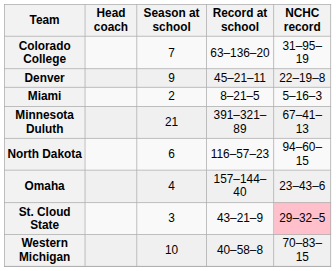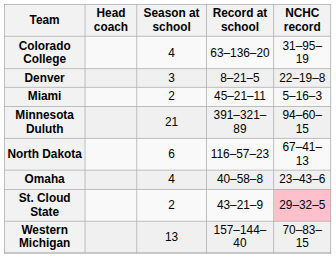 <table class="wikitable sortable" style="text-align: center; "width=50%">
 <tr>
 <th>Team</th>
 <th>Head coach</th>
 <th>Season at school</th>
 <th>Record at school</th>
 <th>NCHC record</th>
 </tr>
 <tr>
 <th>Colorado College</th>
 <td></td>
-<td>7</td>
+<td>4</td>
 <td>63–136–20</td>
 <td>31–95–19</td>
 </tr>
 <tr bgcolor=f0f0f0>
 <th>Denver</th>
 <td></td>
-<td>9</td>
-<td>45–21–11</td>
+<td>3</td>
+<td>8–21–5</td>
 <td>22–19–8</td>
 </tr>
 <tr>
 <th>Miami</th>
 <td></td>
 <td>2</td>
-<td>8–21–5</td>
+<td>45–21–11</td>
 <td>5–16–3</td>
 </tr>
 <tr bgcolor=f0f0f0>
 <th>Minnesota Duluth</th>
 <td></td>
 <td>21</td>
 <td>391–321–89</td>
-<td>67–41–13</td>
+<td>94–60–15</td>
 </tr>
 <tr>
 <th>North Dakota</th>
 <td></td>
 <td>6</td>
 <td>116–57–23</td>
-<td>94–60–15</td>
+<td>67–41–13</td>
 </tr>
 <tr bgcolor=f0f0f0>
 <th>Omaha</th>
 <td></td>
 <td>4</td>
-<td>157–144–40</td>
+<td>40–58–8</td>
 <td>23–43–6</td>
 </tr>
 <tr>
 <th>St. Cloud State</th>
 <td></td>
-<td>3</td>
+<td>2</td>
 <td>43–21–9</td>
 <td style="background: pink;">29–32–5</td>
 </tr>
 <tr bgcolor=f0f0f0>
 <th>Western Michigan</th>
 <td></td>
-<td>10</td>
-<td>40–58–8</td>
+<td>13</td>
+<td>157–144–40</td>
 <td>70–83–15</td>
 </tr>
 <tr>
 </tr>
 </table>
